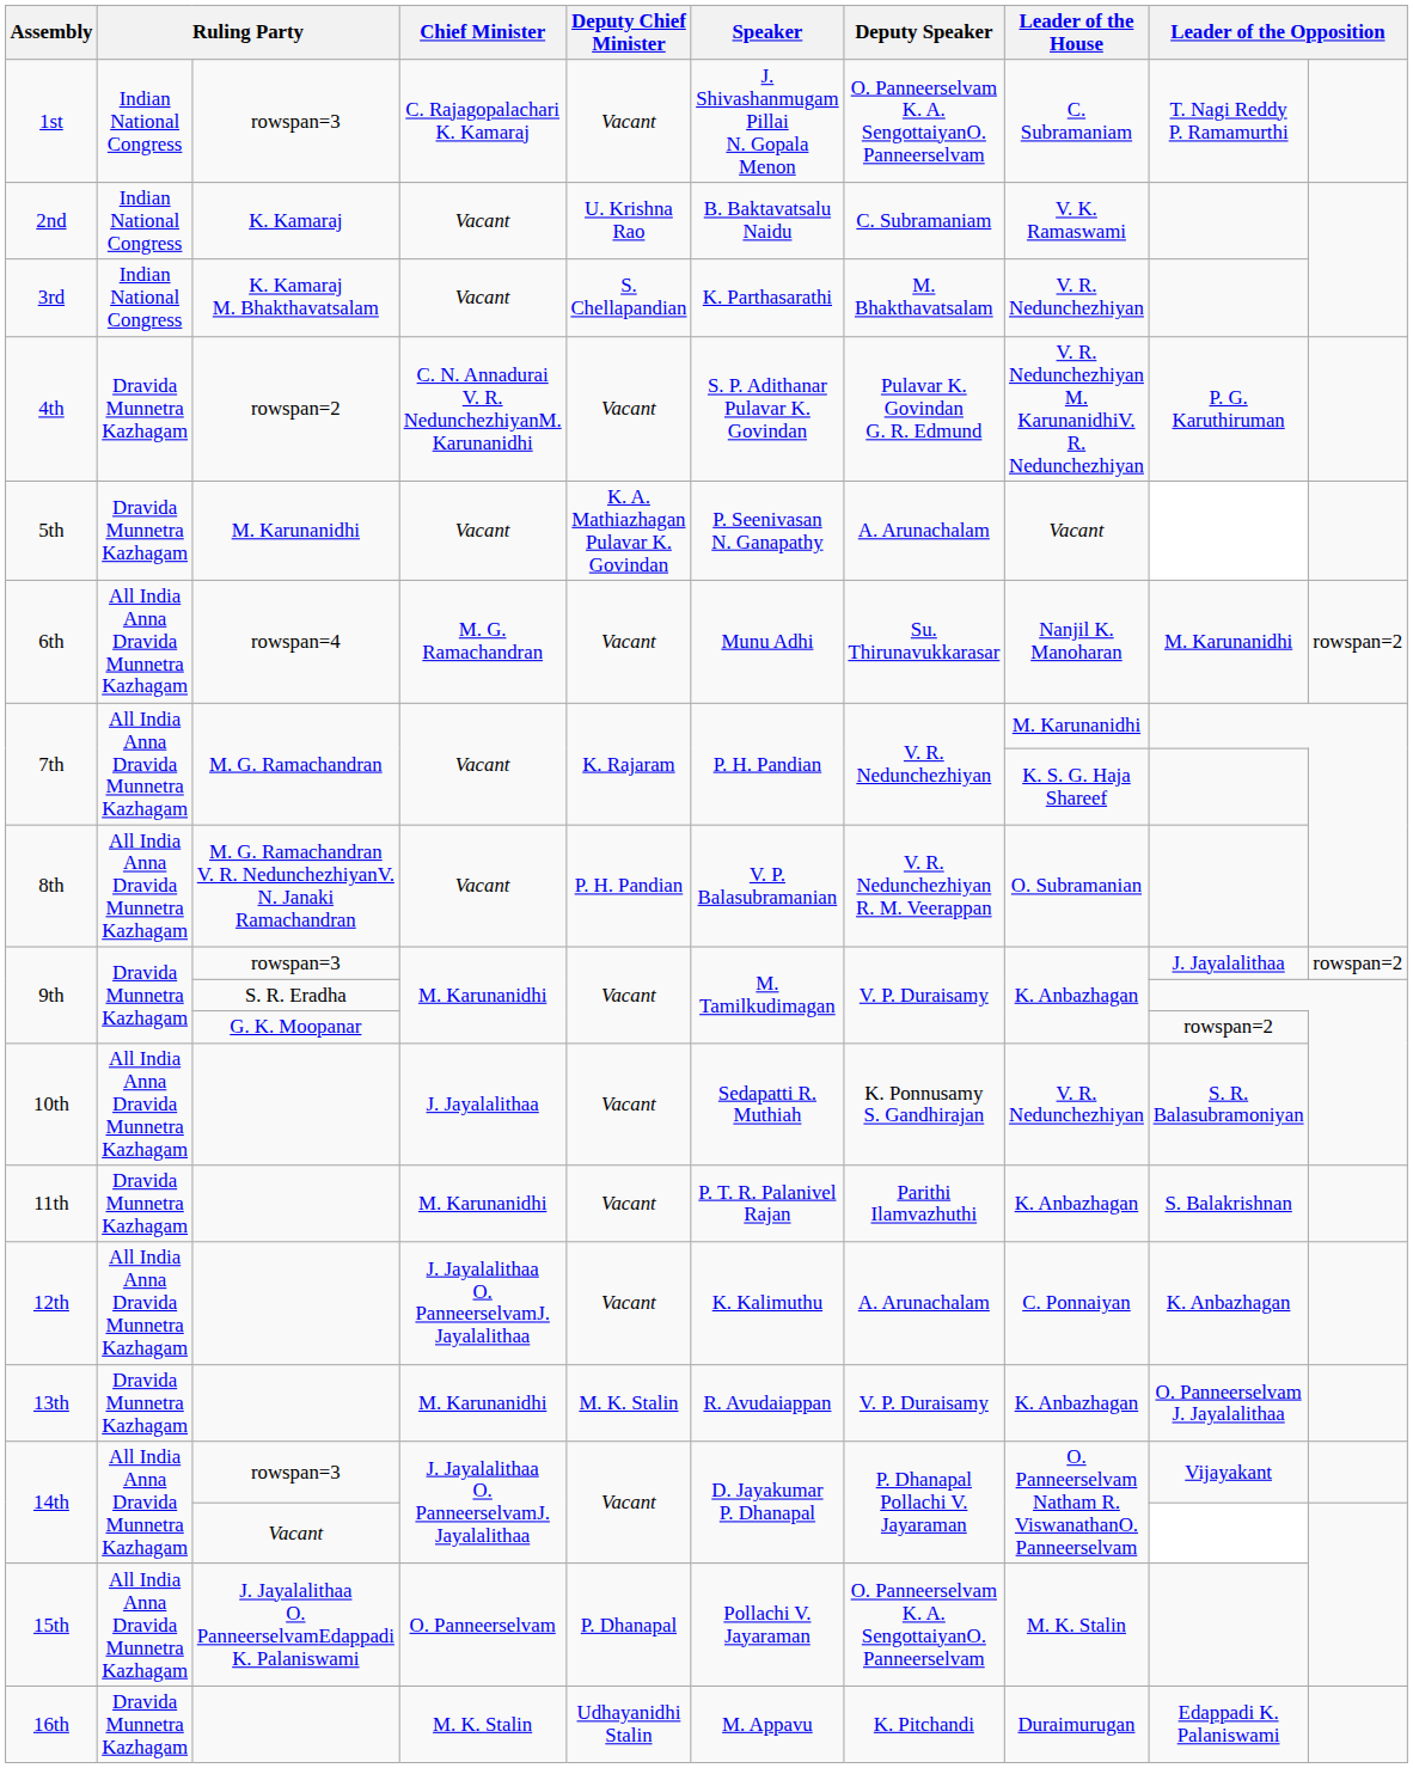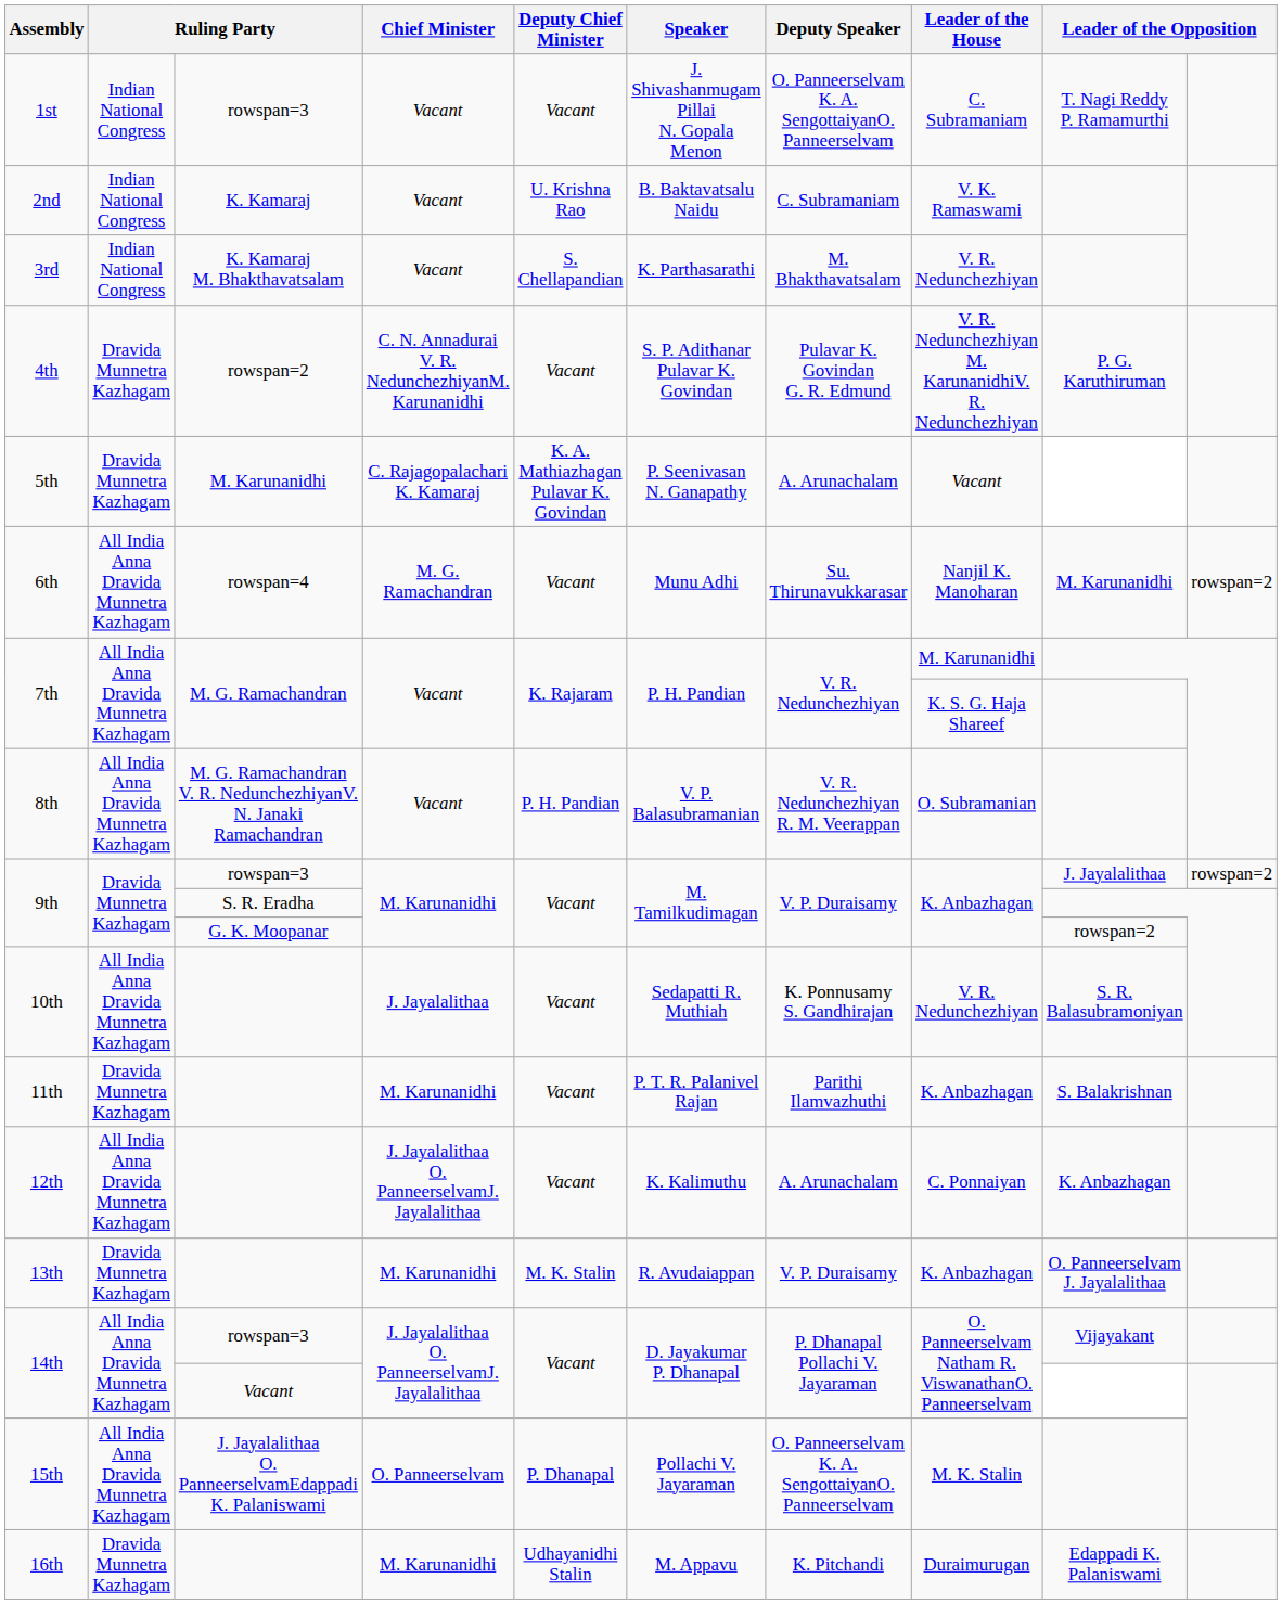 <table class="wikitable" style="text-align:center">
 <tr>
 <th>Assembly<br></th>
 <th colspan=2>Ruling Party</th>
 <th><a href='#'>Chief Minister</a></th>
 <th><a href='#'>Deputy Chief Minister</a></th>
 <th><a href='#'>Speaker</a></th>
 <th>Deputy Speaker</th>
 <th><a href='#'>Leader of the House</a></th>
 <th colspan=2><a href='#'>Leader of the Opposition</a></th>
 </tr>
 <tr>
 <td><a href='#'>1st</a><br></td>
 <td><a href='#'>Indian National Congress</a></td>
 <td>rowspan=3 </td>
-<td><a href='#'>C. Rajagopalachari</a><br><a href='#'>K. Kamaraj</a></td>
+<td><em>Vacant</em></td>
 <td><em>Vacant</em></td>
 <td><a href='#'>J. Shivashanmugam Pillai</a><br><a href='#'>N. Gopala Menon</a></td>
 <td><a href='#'>O. Panneerselvam</a><br><a href='#'>K. A. Sengottaiyan</a><a href='#'>O. Panneerselvam</a></td>
 <td><a href='#'>C. Subramaniam</a></td>
 <td><a href='#'>T. Nagi Reddy</a><br><a href='#'>P. Ramamurthi</a></td>
 <td></td>
 </tr>
 <tr>
 <td><a href='#'>2nd</a><br></td>
 <td><a href='#'>Indian National Congress</a></td>
 <td><a href='#'>K. Kamaraj</a></td>
 <td><em>Vacant</em></td>
 <td><a href='#'>U. Krishna Rao</a></td>
 <td><a href='#'>B. Baktavatsalu Naidu</a></td>
 <td><a href='#'>C. Subramaniam</a></td>
 <td><a href='#'>V. K. Ramaswami</a></td>
 <td></td>
 </tr>
 <tr>
 <td><a href='#'>3rd</a><br></td>
 <td><a href='#'>Indian National Congress</a></td>
 <td><a href='#'>K. Kamaraj</a><br><a href='#'>M. Bhakthavatsalam</a></td>
 <td><em>Vacant</em></td>
 <td><a href='#'>S. Chellapandian</a></td>
 <td><a href='#'>K. Parthasarathi</a></td>
 <td><a href='#'>M. Bhakthavatsalam</a></td>
 <td><a href='#'>V. R. Nedunchezhiyan</a></td>
 <td></td>
 </tr>
 <tr>
 <td><a href='#'>4th</a><br></td>
 <td><a href='#'>Dravida Munnetra Kazhagam</a></td>
 <td>rowspan=2 </td>
 <td><a href='#'>C. N. Annadurai</a><br><a href='#'>V. R. Nedunchezhiyan</a><a href='#'>M. Karunanidhi</a></td>
 <td><em>Vacant</em></td>
 <td><a href='#'>S. P. Adithanar</a><br><a href='#'>Pulavar K. Govindan</a></td>
 <td><a href='#'>Pulavar K. Govindan</a><br><a href='#'>G. R. Edmund</a></td>
 <td><a href='#'>V. R. Nedunchezhiyan</a><br><a href='#'>M. Karunanidhi</a><a href='#'>V. R. Nedunchezhiyan</a></td>
 <td><a href='#'>P. G. Karuthiruman</a></td>
 <td></td>
 </tr>
 <tr>
 <td>5th<br></td>
 <td><a href='#'>Dravida Munnetra Kazhagam</a></td>
 <td><a href='#'>M. Karunanidhi</a></td>
-<td><em>Vacant</em></td>
+<td><a href='#'>C. Rajagopalachari</a><br><a href='#'>K. Kamaraj</a></td>
 <td><a href='#'>K. A. Mathiazhagan</a><br><a href='#'>Pulavar K. Govindan</a></td>
 <td><a href='#'>P. Seenivasan</a><br><a href='#'>N. Ganapathy</a></td>
 <td><a href='#'>A. Arunachalam</a></td>
 <td><em>Vacant</em></td>
 <td style="background:white;"></td>
 </tr>
 <tr>
 <td>6th<br></td>
 <td><a href='#'>All India Anna Dravida Munnetra Kazhagam</a></td>
 <td>rowspan=4 </td>
 <td><a href='#'>M. G. Ramachandran</a></td>
 <td><em>Vacant</em></td>
 <td><a href='#'>Munu Adhi</a></td>
 <td><a href='#'>Su. Thirunavukkarasar</a></td>
 <td><a href='#'>Nanjil K. Manoharan</a></td>
 <td><a href='#'>M. Karunanidhi</a></td>
 <td>rowspan=2 </td>
 </tr>
 <tr>
 <td rowspan=2>7th<br></td>
 <td rowspan=2><a href='#'>All India Anna Dravida Munnetra Kazhagam</a></td>
 <td rowspan=2><a href='#'>M. G. Ramachandran</a></td>
 <td rowspan=2><em>Vacant</em></td>
 <td rowspan=2><a href='#'>K. Rajaram</a></td>
 <td rowspan=2><a href='#'>P. H. Pandian</a></td>
 <td rowspan=2><a href='#'>V. R. Nedunchezhiyan</a></td>
 <td><a href='#'>M. Karunanidhi</a></td>
 </tr>
 <tr>
 <td><a href='#'>K. S. G. Haja Shareef</a></td>
 <td></td>
 </tr>
 <tr>
 <td>8th<br></td>
 <td><a href='#'>All India Anna Dravida Munnetra Kazhagam</a></td>
 <td><a href='#'>M. G. Ramachandran</a><br><a href='#'>V. R. Nedunchezhiyan</a><a href='#'>V. N. Janaki Ramachandran</a></td>
 <td><em>Vacant</em></td>
 <td><a href='#'>P. H. Pandian</a></td>
 <td><a href='#'>V. P. Balasubramanian</a></td>
 <td><a href='#'>V. R. Nedunchezhiyan</a><br><a href='#'>R. M. Veerappan</a></td>
 <td><a href='#'>O. Subramanian</a></td>
 <td></td>
 </tr>
 <tr>
 <td rowspan=3>9th<br></td>
 <td rowspan=3><a href='#'>Dravida Munnetra Kazhagam</a></td>
 <td>rowspan=3 </td>
 <td rowspan=3><a href='#'>M. Karunanidhi</a></td>
 <td rowspan=3><em>Vacant</em></td>
 <td rowspan=3><a href='#'>M. Tamilkudimagan</a></td>
 <td rowspan=3><a href='#'>V. P. Duraisamy</a></td>
 <td rowspan=3><a href='#'>K. Anbazhagan</a></td>
 <td><a href='#'>J. Jayalalithaa</a></td>
 <td>rowspan=2 </td>
 </tr>
 <tr>
 <td>S. R. Eradha</td>
 </tr>
 <tr>
 <td><a href='#'>G. K. Moopanar</a></td>
 <td>rowspan=2 </td>
 </tr>
 <tr>
 <td>10th<br></td>
 <td><a href='#'>All India Anna Dravida Munnetra Kazhagam</a></td>
 <td></td>
 <td><a href='#'>J. Jayalalithaa</a></td>
 <td><em>Vacant</em></td>
 <td><a href='#'>Sedapatti R. Muthiah</a></td>
 <td>K. Ponnusamy<br><a href='#'>S. Gandhirajan</a></td>
 <td><a href='#'>V. R. Nedunchezhiyan</a></td>
 <td><a href='#'>S. R. Balasubramoniyan</a></td>
 </tr>
 <tr>
 <td>11th<br></td>
 <td><a href='#'>Dravida Munnetra Kazhagam</a></td>
 <td></td>
 <td><a href='#'>M. Karunanidhi</a></td>
 <td><em>Vacant</em></td>
 <td><a href='#'>P. T. R. Palanivel Rajan</a></td>
 <td><a href='#'>Parithi Ilamvazhuthi</a></td>
 <td><a href='#'>K. Anbazhagan</a></td>
 <td><a href='#'>S. Balakrishnan</a></td>
 <td></td>
 </tr>
 <tr>
 <td><a href='#'>12th</a><br></td>
 <td><a href='#'>All India Anna Dravida Munnetra Kazhagam</a></td>
 <td></td>
 <td><a href='#'>J. Jayalalithaa</a><br><a href='#'>O. Panneerselvam</a><a href='#'>J. Jayalalithaa</a></td>
 <td><em>Vacant</em></td>
 <td><a href='#'>K. Kalimuthu</a></td>
 <td><a href='#'>A. Arunachalam</a></td>
 <td><a href='#'>C. Ponnaiyan</a></td>
 <td><a href='#'>K. Anbazhagan</a></td>
 <td></td>
 </tr>
 <tr>
 <td><a href='#'>13th</a><br></td>
 <td><a href='#'>Dravida Munnetra Kazhagam</a></td>
 <td></td>
 <td><a href='#'>M. Karunanidhi</a></td>
 <td><a href='#'>M. K. Stalin</a></td>
 <td><a href='#'>R. Avudaiappan</a></td>
 <td><a href='#'>V. P. Duraisamy</a></td>
 <td><a href='#'>K. Anbazhagan</a></td>
 <td><a href='#'>O. Panneerselvam</a><br><a href='#'>J. Jayalalithaa</a></td>
 <td></td>
 </tr>
 <tr>
 <td rowspan=2><a href='#'>14th</a><br></td>
 <td rowspan=2><a href='#'>All India Anna Dravida Munnetra Kazhagam</a></td>
 <td>rowspan=3 </td>
 <td rowspan=2><a href='#'>J. Jayalalithaa</a><br><a href='#'>O. Panneerselvam</a><a href='#'>J. Jayalalithaa</a></td>
 <td rowspan=2><em>Vacant</em></td>
 <td rowspan=2><a href='#'>D. Jayakumar</a><br><a href='#'>P. Dhanapal</a></td>
 <td rowspan=2><a href='#'>P. Dhanapal</a><br><a href='#'>Pollachi V. Jayaraman</a></td>
 <td rowspan=2><a href='#'>O. Panneerselvam</a><br><a href='#'>Natham R. Viswanathan</a><a href='#'>O. Panneerselvam</a></td>
 <td><a href='#'>Vijayakant</a></td>
 <td></td>
 </tr>
 <tr>
 <td><em>Vacant</em></td>
 <td style="background:white;"></td>
 </tr>
 <tr>
 <td><a href='#'>15th</a><br></td>
 <td><a href='#'>All India Anna Dravida Munnetra Kazhagam</a></td>
 <td><a href='#'>J. Jayalalithaa</a><br><a href='#'>O. Panneerselvam</a><a href='#'>Edappadi K. Palaniswami</a></td>
 <td><a href='#'>O. Panneerselvam</a></td>
 <td><a href='#'>P. Dhanapal</a></td>
 <td><a href='#'>Pollachi V. Jayaraman</a></td>
 <td><a href='#'>O. Panneerselvam</a><br><a href='#'>K. A. Sengottaiyan</a><a href='#'>O. Panneerselvam</a></td>
 <td><a href='#'>M. K. Stalin</a></td>
 <td></td>
 </tr>
 <tr>
 <td><a href='#'>16th</a><br></td>
 <td><a href='#'>Dravida Munnetra Kazhagam</a></td>
 <td></td>
-<td><a href='#'>M. K. Stalin</a></td>
+<td><a href='#'>M. Karunanidhi</a></td>
 <td><a href='#'>Udhayanidhi Stalin</a></td>
 <td><a href='#'>M. Appavu</a></td>
 <td><a href='#'>K. Pitchandi</a></td>
 <td><a href='#'>Duraimurugan</a></td>
 <td><a href='#'>Edappadi K. Palaniswami</a></td>
 <td></td>
 </tr>
 </table>
